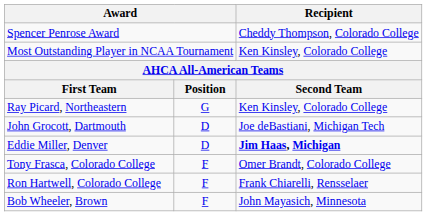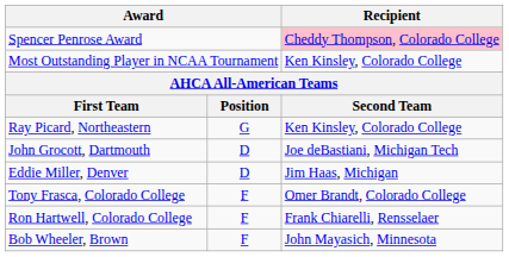 <table class="wikitable">
 <tr>
 <th colspan=2>Award</th>
 <th>Recipient</th>
 </tr>
 <tr>
 <td colspan=2><a href='#'>Spencer Penrose Award</a></td>
-<td><a href='#'>Cheddy Thompson</a>, <a href='#'>Colorado College</a></td>
+<td style="background: pink;"><a href='#'>Cheddy Thompson</a>, <a href='#'>Colorado College</a></td>
 </tr>
 <tr>
 <td colspan=2><a href='#'>Most Outstanding Player in NCAA Tournament</a></td>
 <td><a href='#'>Ken Kinsley</a>, <a href='#'>Colorado College</a></td>
 </tr>
 <tr>
 <th colspan=3><a href='#'>AHCA All-American Teams</a></th>
 </tr>
 <tr>
 <th>First Team</th>
 <th>  Position  </th>
 <th>Second Team</th>
 </tr>
 <tr>
 <td><a href='#'>Ray Picard</a>, <a href='#'>Northeastern</a></td>
 <td align=center><a href='#'>G</a></td>
 <td><a href='#'>Ken Kinsley</a>, <a href='#'>Colorado College</a></td>
 </tr>
 <tr>
 <td><a href='#'>John Grocott</a>, <a href='#'>Dartmouth</a></td>
 <td align=center><a href='#'>D</a></td>
 <td><a href='#'>Joe deBastiani</a>, <a href='#'>Michigan Tech</a></td>
 </tr>
 <tr>
 <td><a href='#'>Eddie Miller</a>, <a href='#'>Denver</a></td>
 <td align=center><a href='#'>D</a></td>
-<td><strong><a href='#'>Jim Haas</a>, <a href='#'>Michigan</a></strong></td>
+<td><a href='#'>Jim Haas</a>, <a href='#'>Michigan</a></td>
 </tr>
 <tr>
 <td><a href='#'>Tony Frasca</a>, <a href='#'>Colorado College</a></td>
 <td align=center><a href='#'>F</a></td>
 <td><a href='#'>Omer Brandt</a>, <a href='#'>Colorado College</a></td>
 </tr>
 <tr>
 <td><a href='#'>Ron Hartwell</a>, <a href='#'>Colorado College</a></td>
 <td align=center><a href='#'>F</a></td>
 <td><a href='#'>Frank Chiarelli</a>, <a href='#'>Rensselaer</a></td>
 </tr>
 <tr>
 <td><a href='#'>Bob Wheeler</a>, <a href='#'>Brown</a></td>
 <td align=center><a href='#'>F</a></td>
 <td><a href='#'>John Mayasich</a>, <a href='#'>Minnesota</a></td>
 </tr>
 </table>
